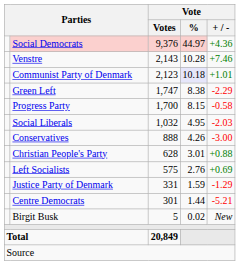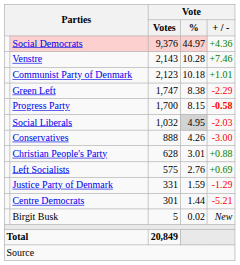 <table class="wikitable" style="text-align:right;">
 <tr>
 <th style="text-align:centre;" rowspan="2" colspan="2" width="225">Parties</th>
 <th colspan="3">Vote</th>
 </tr>
 <tr>
 <th width="15">Votes</th>
 <th width="15">%</th>
 <th width="15">+ / -</th>
 </tr>
 <tr>
 <td width="2" style="color:inherit;background:"></td>
 <td bgcolor=#fbd0ce  align="left"><a href='#'>Social Democrats</a></td>
 <td bgcolor=#fbd0ce>9,376</td>
 <td bgcolor=#fbd0ce>44.97</td>
 <td style=color:green;>+4.36</td>
 </tr>
 <tr>
 <td width="2" style="color:inherit;background:"></td>
 <td align="left"><a href='#'>Venstre</a></td>
 <td>2,143</td>
 <td>10.28</td>
 <td style=color:green;>+7.46</td>
 </tr>
 <tr>
 <td width="2" style="color:inherit;background:"></td>
 <td align="left"><a href='#'>Communist Party of Denmark</a></td>
 <td>2,123</td>
-<td style="background: lavender;">10.18</td>
+<td>10.18</td>
 <td style=color:green;>+1.01</td>
 </tr>
 <tr>
 <td width="2" style="color:inherit;background:"></td>
 <td align="left"><a href='#'>Green Left</a></td>
 <td>1,747</td>
 <td>8.38</td>
 <td style=color:red;>-2.29</td>
 </tr>
 <tr>
 <td width="2" style="color:inherit;background:"></td>
 <td align="left"><a href='#'>Progress Party</a></td>
 <td>1,700</td>
 <td>8.15</td>
-<td style=color:red;>-0.58</td>
+<td style=color:red;><strong>-0.58</strong></td>
 </tr>
 <tr>
 <td width="2" style="color:inherit;background:"></td>
 <td align="left"><a href='#'>Social Liberals</a></td>
 <td>1,032</td>
-<td>4.95</td>
+<td style="background: lightgrey;">4.95</td>
 <td style=color:red;>-2.03</td>
 </tr>
 <tr>
 <td width="2" style="color:inherit;background:"></td>
 <td align="left"><a href='#'>Conservatives</a></td>
 <td>888</td>
 <td>4.26</td>
 <td style=color:red;>-3.00</td>
 </tr>
 <tr>
 <td width="2" style="color:inherit;background:"></td>
 <td align="left"><a href='#'>Christian People's Party</a></td>
 <td>628</td>
 <td>3.01</td>
 <td style=color:green;>+0.88</td>
 </tr>
 <tr>
 <td width="2" style="color:inherit;background:"></td>
 <td align="left"><a href='#'>Left Socialists</a></td>
 <td>575</td>
 <td>2.76</td>
 <td style=color:green;>+0.69</td>
 </tr>
 <tr>
 <td width="2" style="color:inherit;background:"></td>
 <td align="left"><a href='#'>Justice Party of Denmark</a></td>
 <td>331</td>
 <td>1.59</td>
 <td style=color:red;>-1.29</td>
 </tr>
 <tr>
 <td width="2" style="color:inherit;background:"></td>
 <td align="left"><a href='#'>Centre Democrats</a></td>
 <td>301</td>
 <td>1.44</td>
 <td style=color:red;>-5.21</td>
 </tr>
 <tr>
 <td width="2" style="color:inherit;background:"></td>
 <td align="left">Birgit Busk</td>
 <td>5</td>
 <td>0.02</td>
 <td><em>New</em></td>
 </tr>
 <tr>
 <td colspan="7" bgcolor="#E9E9E9"></td>
 </tr>
 <tr>
 <td align="left" colspan="2"><strong>Total</strong></td>
 <td><strong>20,849</strong></td>
 <td bgcolor="#E9E9E9" colspan="2"></td>
 </tr>
 <tr>
 <td align="left" colspan="6">Source</td>
 </tr>
 </table>
